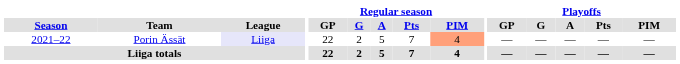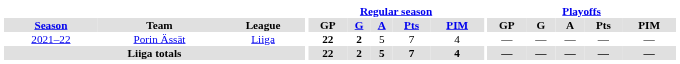 <table border="0" cellpadding="1" cellspacing="0" style="text-align:center; width:60em;">
 <tr>
 <th colspan="3" bgcolor="#ffffff"></th>
 <th rowspan="100" bgcolor="#ffffff"></th>
 <th colspan="5"><a href='#'>Regular season</a></th>
 <th rowspan="100" bgcolor="#ffffff"></th>
 <th colspan="5"><a href='#'>Playoffs</a></th>
 </tr>
 <tr bgcolor="#e0e0e0">
 <th><a href='#'>Season</a></th>
 <th>Team</th>
 <th>League</th>
 <th>GP</th>
 <th><a href='#'>G</a></th>
 <th><a href='#'>A</a></th>
 <th><a href='#'>Pts</a></th>
 <th><a href='#'>PIM</a></th>
 <th>GP</th>
 <th>G</th>
 <th>A</th>
 <th>Pts</th>
 <th>PIM</th>
 </tr>
 <tr>
 <td><a href='#'>2021–22</a></td>
 <td><a href='#'>Porin Ässät</a></td>
-<td style="background: lavender;"><a href='#'>Liiga</a></td>
-<td>22</td>
-<td>2</td>
+<td><a href='#'>Liiga</a></td>
+<td><strong>22</strong></td>
+<td><strong>2</strong></td>
 <td>5</td>
 <td>7</td>
-<td style="background: lightsalmon;">4</td>
+<td>4</td>
 <td>—</td>
 <td>—</td>
 <td>—</td>
 <td>—</td>
 <td>—</td>
 </tr>
 <tr bgcolor="#e0e0e0">
 <th colspan="3">Liiga totals</th>
 <th>22</th>
 <th>2</th>
 <th>5</th>
 <th>7</th>
 <th>4</th>
 <th>—</th>
 <th>—</th>
 <th>—</th>
 <th>—</th>
 <th>—</th>
 </tr>
 </table>
